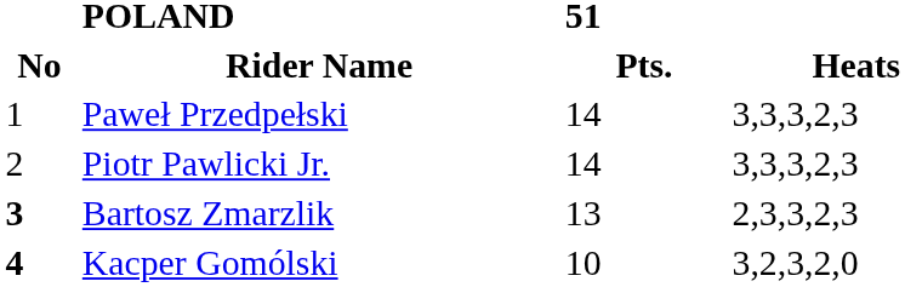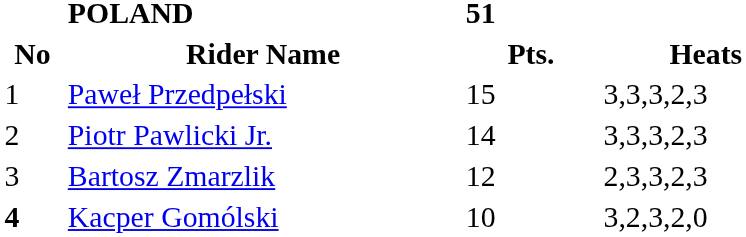 <table class="toccolours">
 <tr>
 <td></td>
 <td><strong>POLAND</strong></td>
 <td><strong>51</strong></td>
 </tr>
 <tr>
 <th width=30px>No</th>
 <th width=210px>Rider Name</th>
 <th width=70px>Pts.</th>
 <th width=110px>Heats</th>
 </tr>
 <tr style="background-color:">
 <td>1</td>
 <td><a href='#'>Paweł Przedpełski</a></td>
-<td>14</td>
+<td>15</td>
 <td>3,3,3,2,3</td>
 </tr>
 <tr style="background-color:">
 <td>2</td>
 <td><a href='#'>Piotr Pawlicki Jr.</a></td>
 <td>14</td>
 <td>3,3,3,2,3</td>
 </tr>
 <tr style="background-color:">
-<td><strong>3</strong></td>
+<td>3</td>
 <td><a href='#'>Bartosz Zmarzlik</a></td>
-<td>13</td>
+<td>12</td>
 <td>2,3,3,2,3</td>
 </tr>
 <tr style="background-color:">
 <td><strong>4</strong></td>
 <td><a href='#'>Kacper Gomólski</a></td>
 <td>10</td>
 <td>3,2,3,2,0</td>
 </tr>
 </table>
